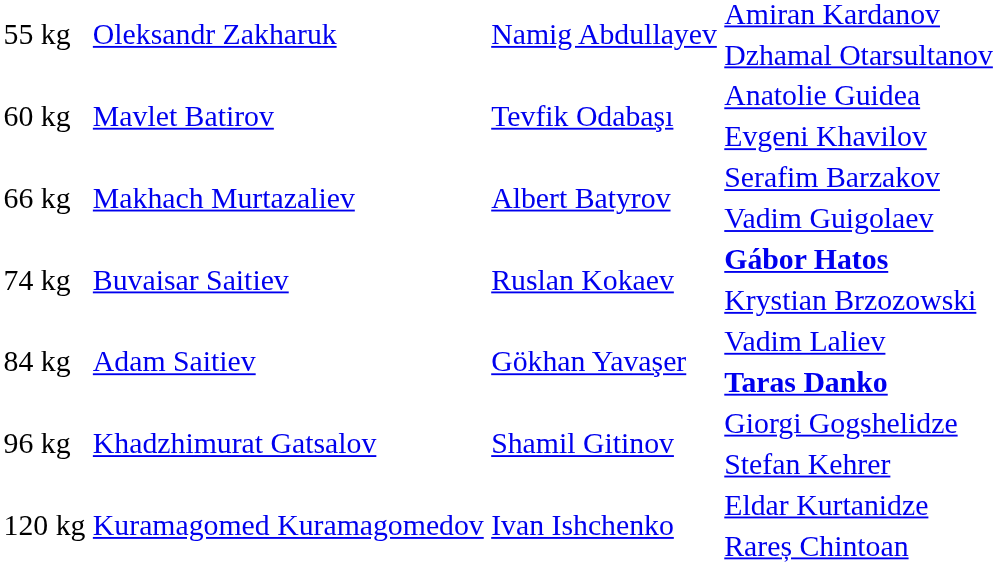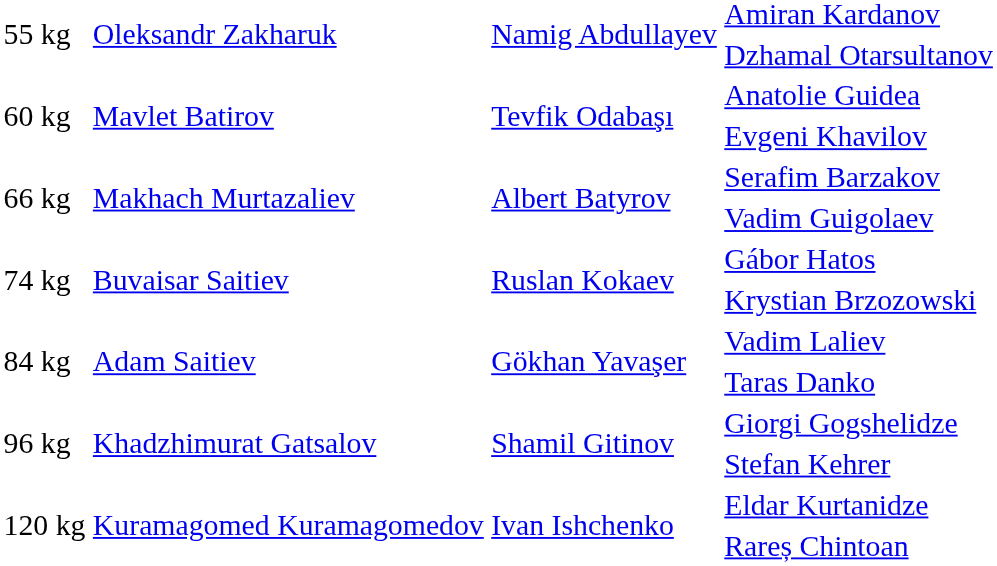 <table>
 <tr>
 <td rowspan=2>55 kg</td>
 <td rowspan=2><a href='#'>Oleksandr Zakharuk</a> <br></td>
 <td rowspan=2><a href='#'>Namig Abdullayev</a> <br></td>
 <td><a href='#'>Amiran Kardanov</a> <br></td>
 </tr>
 <tr>
 <td><a href='#'>Dzhamal Otarsultanov</a> <br></td>
 </tr>
 <tr>
 <td rowspan=2>60 kg</td>
 <td rowspan=2><a href='#'>Mavlet Batirov</a> <br></td>
 <td rowspan=2><a href='#'>Tevfik Odabaşı</a> <br></td>
 <td><a href='#'>Anatolie Guidea</a> <br></td>
 </tr>
 <tr>
 <td><a href='#'>Evgeni Khavilov</a> <br></td>
 </tr>
 <tr>
 <td rowspan=2>66 kg</td>
 <td rowspan=2><a href='#'>Makhach Murtazaliev</a> <br></td>
 <td rowspan=2><a href='#'>Albert Batyrov</a> <br></td>
 <td><a href='#'>Serafim Barzakov</a> <br></td>
 </tr>
 <tr>
 <td><a href='#'>Vadim Guigolaev</a> <br></td>
 </tr>
 <tr>
 <td rowspan=2>74 kg</td>
 <td rowspan=2><a href='#'>Buvaisar Saitiev</a> <br></td>
 <td rowspan=2><a href='#'>Ruslan Kokaev</a> <br></td>
-<td><strong><a href='#'>Gábor Hatos</a> <br></strong></td>
+<td><a href='#'>Gábor Hatos</a> <br></td>
 </tr>
 <tr>
 <td><a href='#'>Krystian Brzozowski</a> <br></td>
 </tr>
 <tr>
 <td rowspan=2>84 kg</td>
 <td rowspan=2><a href='#'>Adam Saitiev</a> <br></td>
 <td rowspan=2><a href='#'>Gökhan Yavaşer</a> <br></td>
 <td><a href='#'>Vadim Laliev</a> <br></td>
 </tr>
 <tr>
-<td><strong><a href='#'>Taras Danko</a> <br></strong></td>
+<td><a href='#'>Taras Danko</a> <br></td>
 </tr>
 <tr>
 <td rowspan=2>96 kg</td>
 <td rowspan=2><a href='#'>Khadzhimurat Gatsalov</a> <br></td>
 <td rowspan=2><a href='#'>Shamil Gitinov</a> <br></td>
 <td><a href='#'>Giorgi Gogshelidze</a> <br></td>
 </tr>
 <tr>
 <td><a href='#'>Stefan Kehrer</a> <br></td>
 </tr>
 <tr>
 <td rowspan=2>120 kg</td>
 <td rowspan=2><a href='#'>Kuramagomed Kuramagomedov</a> <br></td>
 <td rowspan=2><a href='#'>Ivan Ishchenko</a> <br></td>
 <td><a href='#'>Eldar Kurtanidze</a> <br></td>
 </tr>
 <tr>
 <td><a href='#'>Rareș Chintoan</a> <br></td>
 </tr>
 </table>
